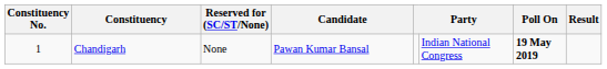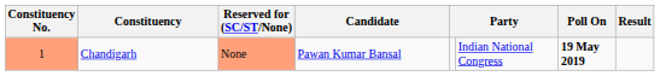 <table class="wikitable sortable">
 <tr>
 <th>Constituency <br> No.</th>
 <th style="width:180px;">Constituency</th>
 <th>Reserved for<br>(<a href='#'>SC/ST</a>/None)</th>
 <th style="width:200px;">Candidate</th>
 <th colspan="2">Party</th>
 <th>Poll On</th>
 <th>Result</th>
 </tr>
 <tr>
-<td style="text-align:center;">1</td>
+<td style="background: lightsalmon; text-align:center;">1</td>
 <td><a href='#'>Chandigarh</a></td>
-<td>None</td>
+<td style="background: lightsalmon;">None</td>
 <td><a href='#'>Pawan Kumar Bansal</a></td>
 <td bgcolor=></td>
 <td><a href='#'>Indian National Congress</a></td>
 <td><strong>19 May 2019</strong></td>
 <td></td>
 </tr>
 </table>
